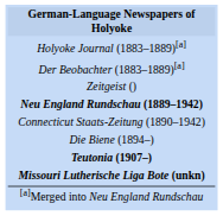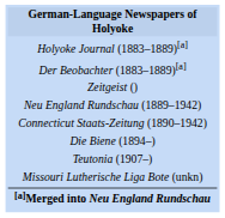 <table class="toccolours" style="float: right; margin-right: 1em; margin-left: 0em; margin-bottom: 1em; font-size: 85%; background:#c6dbf7; color:black; width:fit-content; max-width: 20%;" cellspacing="3">
 <tr>
 <td colspan="2" style="text-align: center;font-weight:bold;background-color:#bbd0ec;">German-Language Newspapers of Holyoke</td>
 </tr>
 <tr>
 <td style="text-align: center;"><em>Holyoke Journal</em> (1883–1889)<sup>[a]</sup></td>
 </tr>
 <tr>
 <td style="text-align: center;"><em>Der Beobachter</em> (1883–1889)<sup>[a]</sup></td>
 </tr>
 <tr>
 <td style="text-align: center;"><em>Zeitgeist</em> ()</td>
 </tr>
 <tr>
-<td style="text-align: center;"><strong><em>Neu England Rundschau</em> (1889–1942)</strong></td>
+<td style="text-align: center;"><em>Neu England Rundschau</em> (1889–1942)</td>
 </tr>
 <tr>
 <td style="text-align: center;"><em>Connecticut Staats-Zeitung</em> (1890–1942)</td>
 </tr>
 <tr>
 <td style="text-align: center;"><em>Die Biene</em> (1894–)<br></td>
 </tr>
 <tr>
-<td style="text-align: center;"><strong><em>Teutonia</em> (1907–)<br></strong></td>
+<td style="text-align: center;"><em>Teutonia</em> (1907–)<br></td>
 </tr>
 <tr>
-<td style="text-align: center;"><strong><em>Missouri Lutherische Liga Bote</em> (unkn)</strong></td>
+<td style="text-align: center;"><em>Missouri Lutherische Liga Bote</em> (unkn)</td>
 </tr>
 <tr>
-<td style="text-align: center;border-top:1px solid black;"><sup>[a]</sup>Merged into <em>Neu England Rundschau</em></td>
+<td style="text-align: center;border-top:1px solid black;"><strong><sup>[a]</sup>Merged into <em>Neu England Rundschau</em></strong></td>
 </tr>
 <tr>
 </tr>
 </table>
